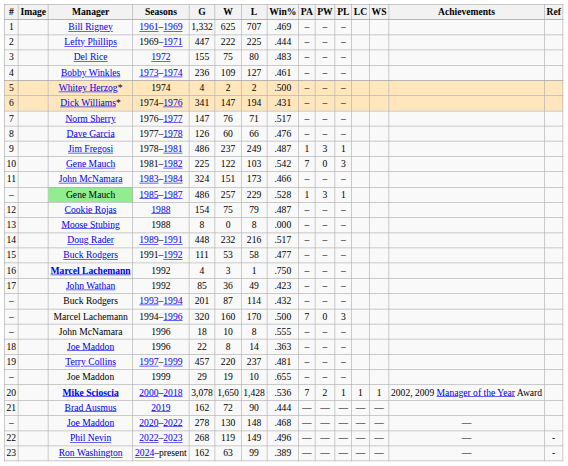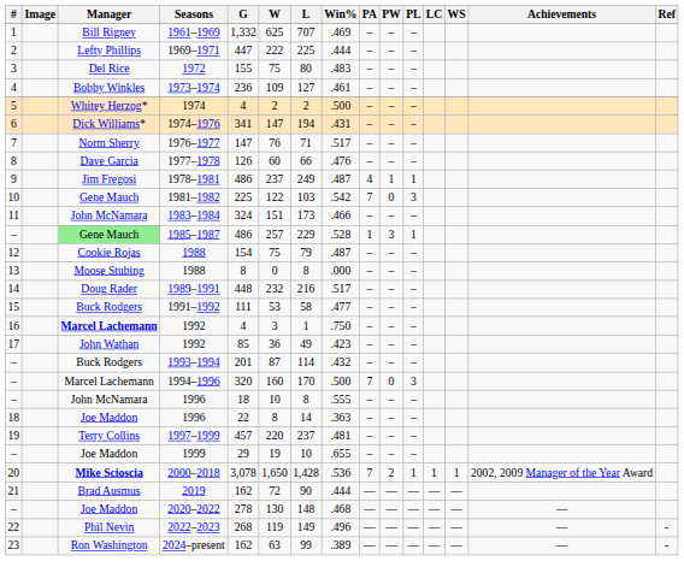 <table class="wikitable sortable" style="text-align:center">
 <tr>
 <th class="unsortable">#</th>
 <th class="unsortable">Image</th>
 <th>Manager</th>
 <th>Seasons</th>
 <th>G</th>
 <th>W</th>
 <th>L</th>
 <th>Win%</th>
 <th>PA</th>
 <th>PW</th>
 <th>PL</th>
 <th>LC</th>
 <th>WS</th>
 <th ! class="unsortable">Achievements</th>
 <th class="unsortable">Ref</th>
 </tr>
 <tr>
 </tr>
 <tr>
 <td align=center>1</td>
 <td></td>
 <td><a href='#'>Bill Rigney</a></td>
 <td><a href='#'>1961</a>–<a href='#'>1969</a></td>
 <td align=center>1,332</td>
 <td align=center>625</td>
 <td align=center>707</td>
 <td align=center>.469</td>
 <td align=center>–</td>
 <td align=center>–</td>
 <td align=center>–</td>
 <td align=center></td>
 <td align=center></td>
 <td></td>
 <td align=center></td>
 </tr>
 <tr>
 <td align=center>2</td>
 <td></td>
 <td><a href='#'>Lefty Phillips</a></td>
 <td>1969–<a href='#'>1971</a></td>
 <td align=center>447</td>
 <td align=center>222</td>
 <td align=center>225</td>
 <td align=center>.444</td>
 <td align=center>–</td>
 <td align=center>–</td>
 <td align=center>–</td>
 <td align=center></td>
 <td align=center></td>
 <td></td>
 <td align=center></td>
 </tr>
 <tr>
 <td align=center>3</td>
 <td></td>
 <td><a href='#'>Del Rice</a></td>
 <td><a href='#'>1972</a></td>
 <td align=center>155</td>
 <td align=center>75</td>
 <td align=center>80</td>
 <td align=center>.483</td>
 <td align=center>–</td>
 <td align=center>–</td>
 <td align=center>–</td>
 <td align=center></td>
 <td align=center></td>
 <td></td>
 <td align=center></td>
 </tr>
 <tr>
 <td align=center>4</td>
 <td></td>
 <td><a href='#'>Bobby Winkles</a></td>
 <td><a href='#'>1973</a>–<a href='#'>1974</a></td>
 <td align=center>236</td>
 <td align=center>109</td>
 <td align=center>127</td>
 <td align=center>.461</td>
 <td align=center>–</td>
 <td align=center>–</td>
 <td align=center>–</td>
 <td align=center></td>
 <td align=center></td>
 <td></td>
 <td align=center></td>
 </tr>
 <tr>
 </tr>
 <tr bgcolor="#FFE6BD">
 <td align=center>5</td>
 <td></td>
 <td><a href='#'>Whitey Herzog</a>*</td>
 <td>1974</td>
 <td align=center>4</td>
 <td align=center>2</td>
 <td align=center>2</td>
 <td align=center>.500</td>
 <td align=center>–</td>
 <td align=center>–</td>
 <td align=center>–</td>
 <td align=center></td>
 <td align=center></td>
 <td></td>
 <td align=center></td>
 </tr>
 <tr bgcolor="#FFE6BD">
 <td align=center>6</td>
 <td></td>
 <td><a href='#'>Dick Williams</a>*</td>
 <td>1974–<a href='#'>1976</a></td>
 <td align=center>341</td>
 <td align=center>147</td>
 <td align=center>194</td>
 <td align=center>.431</td>
 <td align=center>–</td>
 <td align=center>–</td>
 <td align=center>–</td>
 <td align=center></td>
 <td align=center></td>
 <td></td>
 <td align=center></td>
 </tr>
 <tr>
 <td align=center>7</td>
 <td></td>
 <td><a href='#'>Norm Sherry</a></td>
 <td>1976–<a href='#'>1977</a></td>
 <td align=center>147</td>
 <td align=center>76</td>
 <td align=center>71</td>
 <td align=center>.517</td>
 <td align=center>–</td>
 <td align=center>–</td>
 <td align=center>–</td>
 <td align=center></td>
 <td align=center></td>
 <td></td>
 <td align=center></td>
 </tr>
 <tr>
 <td align=center>8</td>
 <td></td>
 <td><a href='#'>Dave Garcia</a></td>
 <td>1977–<a href='#'>1978</a></td>
 <td align=center>126</td>
 <td align=center>60</td>
 <td align=center>66</td>
 <td align=center>.476</td>
 <td align=center>–</td>
 <td align=center>–</td>
 <td align=center>–</td>
 <td align=center></td>
 <td align=center></td>
 <td></td>
 <td align=center></td>
 </tr>
 <tr>
 <td align=center>9</td>
 <td></td>
 <td><a href='#'>Jim Fregosi</a></td>
 <td>1978–<a href='#'>1981</a></td>
 <td align=center>486</td>
 <td align=center>237</td>
 <td align=center>249</td>
 <td align=center>.487</td>
+<td align=center>4</td>
 <td align=center>1</td>
-<td align=center>3</td>
 <td align=center>1</td>
 <td align=center></td>
 <td align=center></td>
 <td></td>
 <td align=center></td>
 </tr>
 <tr>
 <td align=center>10</td>
 <td></td>
 <td><a href='#'>Gene Mauch</a></td>
 <td>1981–<a href='#'>1982</a></td>
 <td align=center>225</td>
 <td align=center>122</td>
 <td align=center>103</td>
 <td align=center>.542</td>
 <td align=center>7</td>
 <td align=center>0</td>
 <td align=center>3</td>
 <td align=center></td>
 <td align=center></td>
 <td></td>
 <td align=center></td>
 </tr>
 <tr>
 <td align=center>11</td>
 <td></td>
 <td><a href='#'>John McNamara</a></td>
 <td><a href='#'>1983</a>–<a href='#'>1984</a></td>
 <td align=center>324</td>
 <td align=center>151</td>
 <td align=center>173</td>
 <td align=center>.466</td>
 <td align=center>–</td>
 <td align=center>–</td>
 <td align=center>–</td>
 <td align=center></td>
 <td align=center></td>
 <td></td>
 <td align=center></td>
 </tr>
 <tr>
 <td align=center>–</td>
 <td></td>
 <td style="background: lightgreen;">Gene Mauch</td>
 <td><a href='#'>1985</a>–<a href='#'>1987</a></td>
 <td align=center>486</td>
 <td align=center>257</td>
 <td align=center>229</td>
 <td align=center>.528</td>
 <td align=center>1</td>
 <td align=center>3</td>
 <td align=center>1</td>
 <td align=center></td>
 <td align=center></td>
 <td></td>
 <td align=center></td>
 </tr>
 <tr>
 <td align=center>12</td>
 <td></td>
 <td><a href='#'>Cookie Rojas</a></td>
 <td><a href='#'>1988</a></td>
 <td align=center>154</td>
 <td align=center>75</td>
 <td align=center>79</td>
 <td align=center>.487</td>
 <td align=center>–</td>
 <td align=center>–</td>
 <td align=center>–</td>
 <td align=center></td>
 <td align=center></td>
 <td></td>
 <td align=center></td>
 </tr>
 <tr>
 <td align=center>13</td>
 <td></td>
 <td><a href='#'>Moose Stubing</a></td>
 <td>1988</td>
 <td align=center>8</td>
 <td align=center>0</td>
 <td align=center>8</td>
 <td align=center>.000</td>
 <td align=center>–</td>
 <td align=center>–</td>
 <td align=center>–</td>
 <td align=center></td>
 <td align=center></td>
 <td></td>
 <td align=center></td>
 </tr>
 <tr>
 <td align=center>14</td>
 <td></td>
 <td><a href='#'>Doug Rader</a></td>
 <td><a href='#'>1989</a>–<a href='#'>1991</a></td>
 <td align=center>448</td>
 <td align=center>232</td>
 <td align=center>216</td>
 <td align=center>.517</td>
 <td align=center>–</td>
 <td align=center>–</td>
 <td align=center>–</td>
 <td align=center></td>
 <td align=center></td>
 <td></td>
 <td align=center></td>
 </tr>
 <tr>
 <td align=center>15</td>
 <td></td>
 <td><a href='#'>Buck Rodgers</a></td>
 <td>1991–<a href='#'>1992</a></td>
 <td align=center>111</td>
 <td align=center>53</td>
 <td align=center>58</td>
 <td align=center>.477</td>
 <td align=center>–</td>
 <td align=center>–</td>
 <td align=center>–</td>
 <td align=center></td>
 <td align=center></td>
 <td></td>
 <td align=center></td>
 </tr>
 <tr>
 <td align=center>16</td>
 <td></td>
 <td><strong><a href='#'>Marcel Lachemann</a></strong></td>
 <td>1992</td>
 <td align=center>4</td>
 <td align=center>3</td>
 <td align=center>1</td>
 <td align=center>.750</td>
 <td align=center>–</td>
 <td align=center>–</td>
 <td align=center>–</td>
 <td align=center></td>
 <td align=center></td>
 <td></td>
 <td align=center></td>
 </tr>
 <tr>
 <td align=center>17</td>
 <td></td>
 <td><a href='#'>John Wathan</a></td>
 <td>1992</td>
 <td align=center>85</td>
 <td align=center>36</td>
 <td align=center>49</td>
 <td align=center>.423</td>
 <td align=center>–</td>
 <td align=center>–</td>
 <td align=center>–</td>
 <td align=center></td>
 <td align=center></td>
 <td></td>
 <td align=center></td>
 </tr>
 <tr>
 <td align=center>–</td>
 <td></td>
 <td>Buck Rodgers</td>
 <td><a href='#'>1993</a>–<a href='#'>1994</a></td>
 <td align=center>201</td>
 <td align=center>87</td>
 <td align=center>114</td>
 <td align=center>.432</td>
 <td align=center>–</td>
 <td align=center>–</td>
 <td align=center>–</td>
 <td align=center></td>
 <td align=center></td>
 <td></td>
 <td align=center></td>
 </tr>
 <tr>
 <td align=center>–</td>
 <td></td>
 <td>Marcel Lachemann</td>
 <td>1994–<a href='#'>1996</a></td>
 <td align=center>320</td>
 <td align=center>160</td>
 <td align=center>170</td>
 <td align=center>.500</td>
 <td align=center>7</td>
 <td align=center>0</td>
 <td align=center>3</td>
 <td align=center></td>
 <td align=center></td>
 <td></td>
 <td align=center></td>
 </tr>
 <tr>
 <td align=center>–</td>
 <td></td>
 <td>John McNamara</td>
 <td>1996</td>
 <td align=center>18</td>
 <td align=center>10</td>
 <td align=center>8</td>
 <td align=center>.555</td>
 <td align=center>–</td>
 <td align=center>–</td>
 <td align=center>–</td>
 <td align=center></td>
 <td align=center></td>
 <td></td>
 <td align=center></td>
 </tr>
 <tr>
 <td align=center>18</td>
 <td></td>
 <td><a href='#'>Joe Maddon</a></td>
 <td>1996</td>
 <td align=center>22</td>
 <td align=center>8</td>
 <td align=center>14</td>
 <td align=center>.363</td>
 <td align=center>–</td>
 <td align=center>–</td>
 <td align=center>–</td>
 <td align=center></td>
 <td align=center></td>
 <td></td>
 <td align=center></td>
 </tr>
 <tr>
 <td align=center>19</td>
 <td></td>
 <td><a href='#'>Terry Collins</a></td>
 <td><a href='#'>1997</a>–<a href='#'>1999</a></td>
 <td align=center>457</td>
 <td align=center>220</td>
 <td align=center>237</td>
 <td align=center>.481</td>
 <td align=center>–</td>
 <td align=center>–</td>
 <td align=center>–</td>
 <td align=center></td>
 <td align=center></td>
 <td></td>
 <td align=center></td>
 </tr>
 <tr>
 <td align=center>–</td>
 <td></td>
 <td>Joe Maddon</td>
 <td>1999</td>
 <td align=center>29</td>
 <td align=center>19</td>
 <td align=center>10</td>
 <td align=center>.655</td>
 <td align=center>–</td>
 <td align=center>–</td>
 <td align=center>–</td>
 <td align=center></td>
 <td align=center></td>
 <td align=center></td>
 <td align=center></td>
 </tr>
 <tr>
 <td align=center>20</td>
 <td></td>
 <td><strong><a href='#'>Mike Scioscia</a></strong></td>
 <td><a href='#'>2000</a>–<a href='#'>2018</a></td>
 <td align=center>3,078</td>
 <td align=center>1,650</td>
 <td align=center>1,428</td>
 <td align=center>.536</td>
 <td align=center>7</td>
 <td align=center>2</td>
 <td align=center>1</td>
 <td align=center>1</td>
 <td align=center>1</td>
 <td>2002, 2009 <a href='#'>Manager of the Year</a> Award</td>
 <td align=center></td>
 </tr>
 <tr>
 <td align=center>21</td>
 <td></td>
 <td><a href='#'>Brad Ausmus</a></td>
 <td><a href='#'>2019</a></td>
 <td align=center>162</td>
 <td align=center>72</td>
 <td align=center>90</td>
 <td align=center>.444</td>
 <td align=center>—</td>
 <td align=center>—</td>
 <td align=center>—</td>
 <td align=center>—</td>
 <td align=center>—</td>
 <td></td>
 <td align=center></td>
 </tr>
 <tr>
 <td align=center>–</td>
 <td></td>
 <td><a href='#'>Joe Maddon</a></td>
 <td><a href='#'>2020</a>–<a href='#'>2022</a></td>
 <td align=center>278</td>
 <td align=center>130</td>
 <td align=center>148</td>
 <td align=center>.468</td>
 <td align=center>—</td>
 <td align=center>—</td>
 <td align=center>—</td>
 <td align=center>—</td>
 <td align=center>—</td>
 <td align=center>—</td>
 <td align=center></td>
 </tr>
 <tr>
 <td align=center>22</td>
 <td></td>
 <td><a href='#'>Phil Nevin</a></td>
 <td><a href='#'>2022</a>–<a href='#'>2023</a></td>
 <td align=center>268</td>
 <td align=center>119</td>
 <td align=center>149</td>
 <td align=center>.496</td>
 <td align=center>—</td>
 <td align=center>—</td>
 <td align=center>—</td>
 <td align=center>—</td>
 <td align=center>—</td>
 <td align=center>—</td>
 <td align=center>-</td>
 </tr>
 <tr>
 <td align=center>23</td>
 <td></td>
 <td><a href='#'>Ron Washington</a></td>
 <td><a href='#'>2024</a>–present</td>
 <td align=center>162</td>
 <td align=center>63</td>
 <td align=center>99</td>
 <td align=center>.389</td>
 <td align=center>—</td>
 <td align=center>—</td>
 <td align=center>—</td>
 <td align=center>—</td>
 <td align=center>—</td>
 <td align=center>—</td>
 <td align=center>-</td>
 </tr>
 </table>
